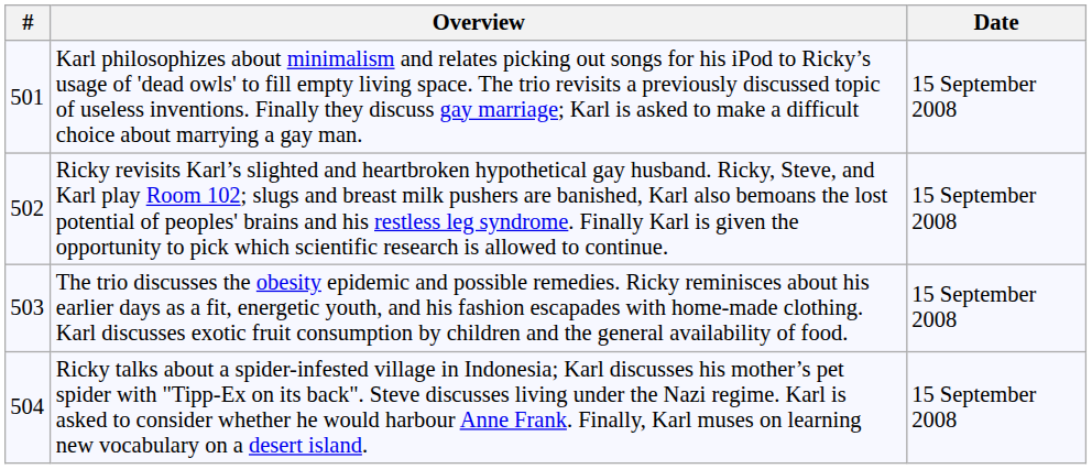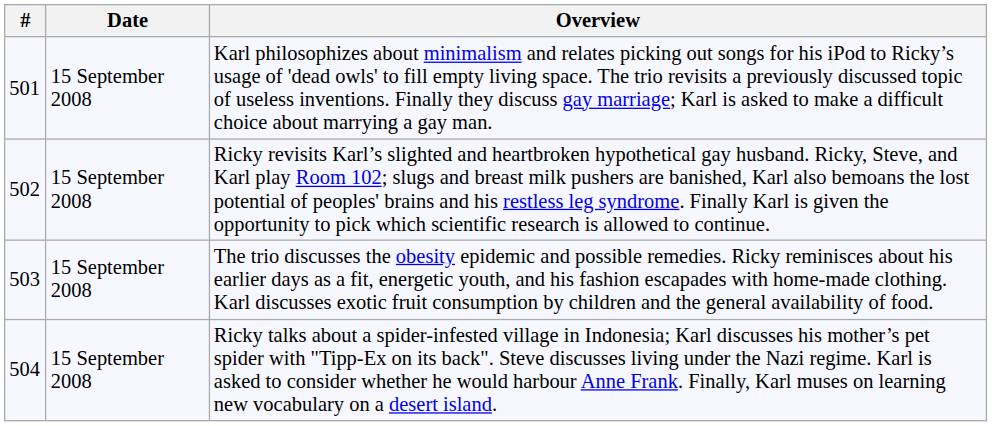 <table class="wikitable" style="border:1px; background-color:#f7f8ff" align=center cellpadding="7">
 <tr align="center" bgcolor="#e6e9ff">
 <th width="25">#</th>
+<th width="120">Date</th>
 <th width="600">Overview</th>
-<th width="120">Date</th>
 </tr>
 <tr>
 <td>501</td>
+<td>15 September 2008</td>
 <td>Karl philosophizes about <a href='#'>minimalism</a> and relates picking out songs for his iPod to Ricky’s usage of 'dead owls' to fill empty living space. The trio revisits a previously discussed topic of useless inventions. Finally they discuss <a href='#'>gay marriage</a>; Karl is asked to make a difficult choice about marrying a gay man.</td>
-<td>15 September 2008</td>
 </tr>
 <tr>
 <td>502</td>
+<td>15 September 2008</td>
 <td>Ricky revisits Karl’s slighted and heartbroken hypothetical gay husband. Ricky, Steve, and Karl play <a href='#'>Room 102</a>; slugs and breast milk pushers are banished, Karl also bemoans the lost potential of peoples' brains and his <a href='#'>restless leg syndrome</a>. Finally Karl is given the opportunity to pick which scientific research is allowed to continue.</td>
-<td>15 September 2008</td>
 </tr>
 <tr>
 <td>503</td>
+<td>15 September 2008</td>
 <td>The trio discusses the <a href='#'>obesity</a> epidemic and possible remedies. Ricky reminisces about his earlier days as a fit, energetic youth, and his fashion escapades with home-made clothing. Karl discusses exotic fruit consumption by children and the general availability of food.</td>
-<td>15 September 2008</td>
 </tr>
 <tr>
 <td>504</td>
+<td>15 September 2008</td>
 <td>Ricky talks about a spider-infested village in Indonesia; Karl discusses his mother’s pet spider with "Tipp-Ex on its back". Steve discusses living under the Nazi regime. Karl is asked to consider whether he would harbour <a href='#'>Anne Frank</a>. Finally, Karl muses on learning new vocabulary on a <a href='#'>desert island</a>.</td>
-<td>15 September 2008</td>
 </tr>
 </table>
